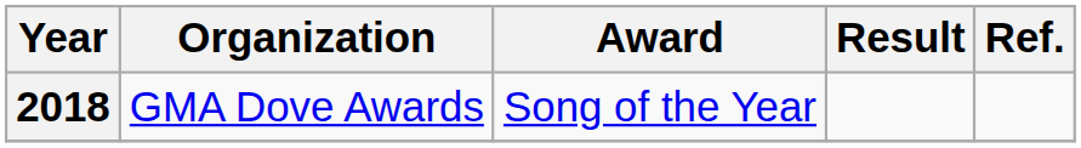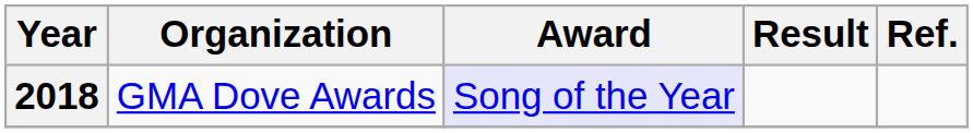 <table class="wikitable plainrowheaders">
 <tr>
 <th>Year</th>
 <th>Organization</th>
 <th>Award</th>
 <th>Result</th>
 <th>Ref.</th>
 </tr>
 <tr>
 <th scope="row">2018</th>
 <td><a href='#'>GMA Dove Awards</a></td>
-<td><a href='#'>Song of the Year</a></td>
+<td style="background: lavender;"><a href='#'>Song of the Year</a></td>
 <td></td>
 <td></td>
 </tr>
 <tr>
 </tr>
 </table>
